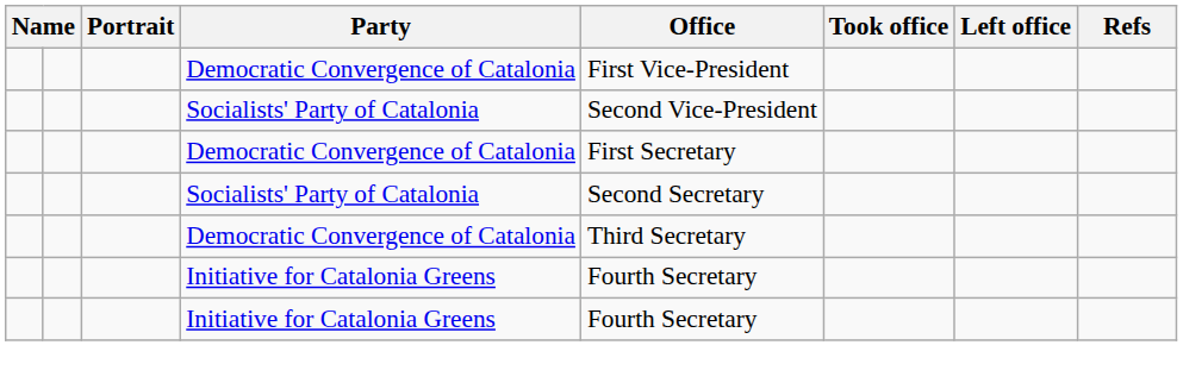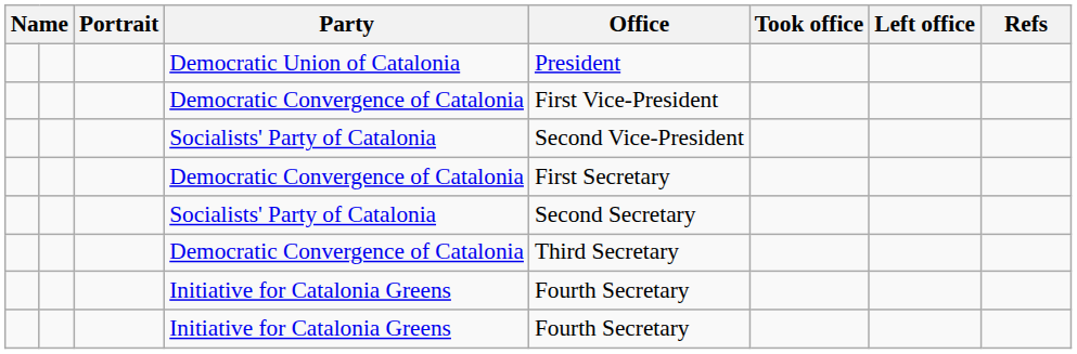 <table class="wikitable plainrowheaders sortable mw-collapsible mw-collapsed" style="font-size:90%; text-align:left;">
 <tr>
 <th scope=col colspan="2">Name</th>
 <th scope=col class=unsortable>Portrait</th>
 <th scope=col>Party</th>
 <th scope=col>Office</th>
 <th scope=col>Took office</th>
 <th scope=col>Left office</th>
 <th scope=col width=50px class=unsortable>Refs</th>
+</tr>
+<tr>
+<td !align="center" style="background:"></td>
+<td></td>
+<td align=center></td>
+<td><a href='#'>Democratic Union of Catalonia</a></td>
+<td><a href='#'>President</a></td>
+<td align=center></td>
+<td align=center></td>
+<td align=center></td>
 </tr>
 <tr>
 <td !align="center" style="background:"></td>
 <td></td>
 <td align=center></td>
 <td><a href='#'>Democratic Convergence of Catalonia</a></td>
 <td>First Vice-President</td>
 <td align=center></td>
 <td align=center></td>
 <td align=center></td>
 </tr>
 <tr>
 <td !align="center" style="background:"></td>
 <td></td>
 <td align=center></td>
 <td><a href='#'>Socialists' Party of Catalonia</a></td>
 <td>Second Vice-President</td>
 <td align=center></td>
 <td align=center></td>
 <td align=center></td>
 </tr>
 <tr>
 <td !align="center" style="background:"></td>
 <td></td>
 <td align=center></td>
 <td><a href='#'>Democratic Convergence of Catalonia</a></td>
 <td>First Secretary</td>
 <td align=center></td>
 <td align=center></td>
 <td align=center></td>
 </tr>
 <tr>
 <td !align="center" style="background:"></td>
 <td></td>
 <td align=center></td>
 <td><a href='#'>Socialists' Party of Catalonia</a></td>
 <td>Second Secretary</td>
 <td align=center></td>
 <td align=center></td>
 <td align=center></td>
 </tr>
 <tr>
 <td !align="center" style="background:"></td>
 <td></td>
 <td align=center></td>
 <td><a href='#'>Democratic Convergence of Catalonia</a></td>
 <td>Third Secretary</td>
 <td align=center></td>
 <td align=center></td>
 <td align=center></td>
 </tr>
 <tr>
 <td !align="center" style="background:"></td>
 <td></td>
 <td align=center></td>
 <td><a href='#'>Initiative for Catalonia Greens</a></td>
 <td>Fourth Secretary</td>
 <td align=center></td>
 <td align=center></td>
 <td align=center></td>
 </tr>
 <tr>
 <td !align="center" style="background:"></td>
 <td></td>
 <td align=center></td>
 <td><a href='#'>Initiative for Catalonia Greens</a></td>
 <td>Fourth Secretary</td>
 <td align=center></td>
 <td align=center></td>
 <td align=center></td>
 </tr>
 </table>
